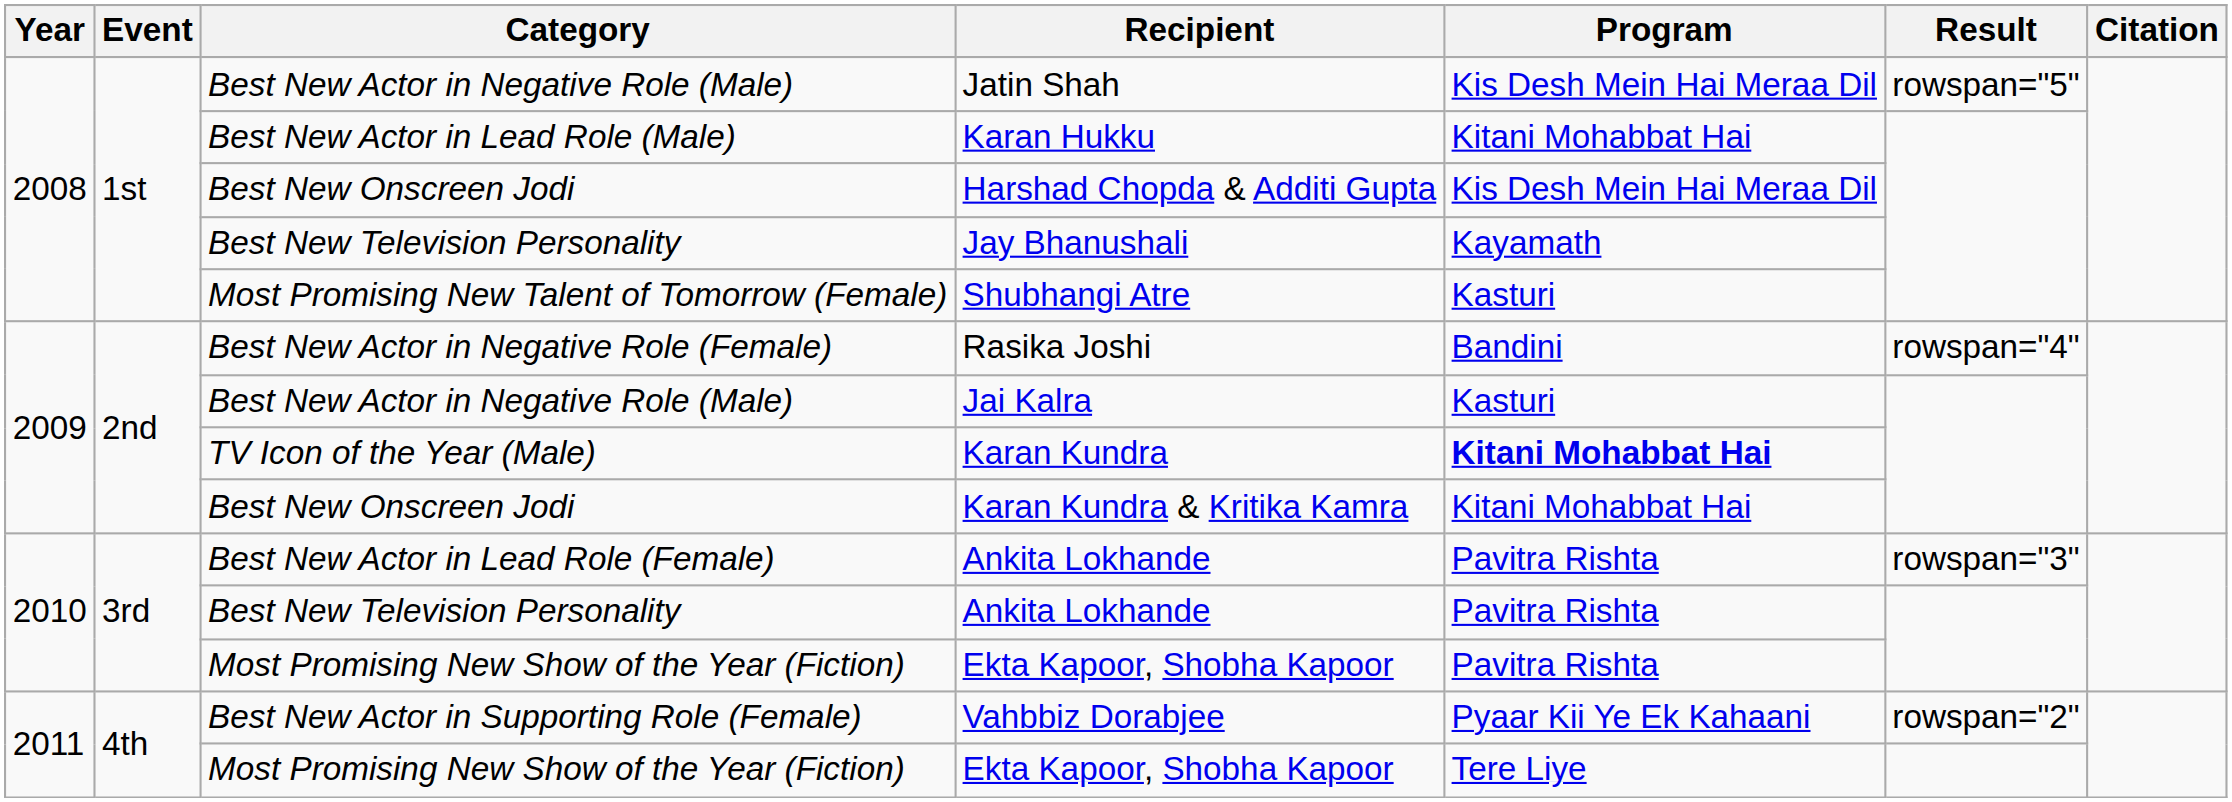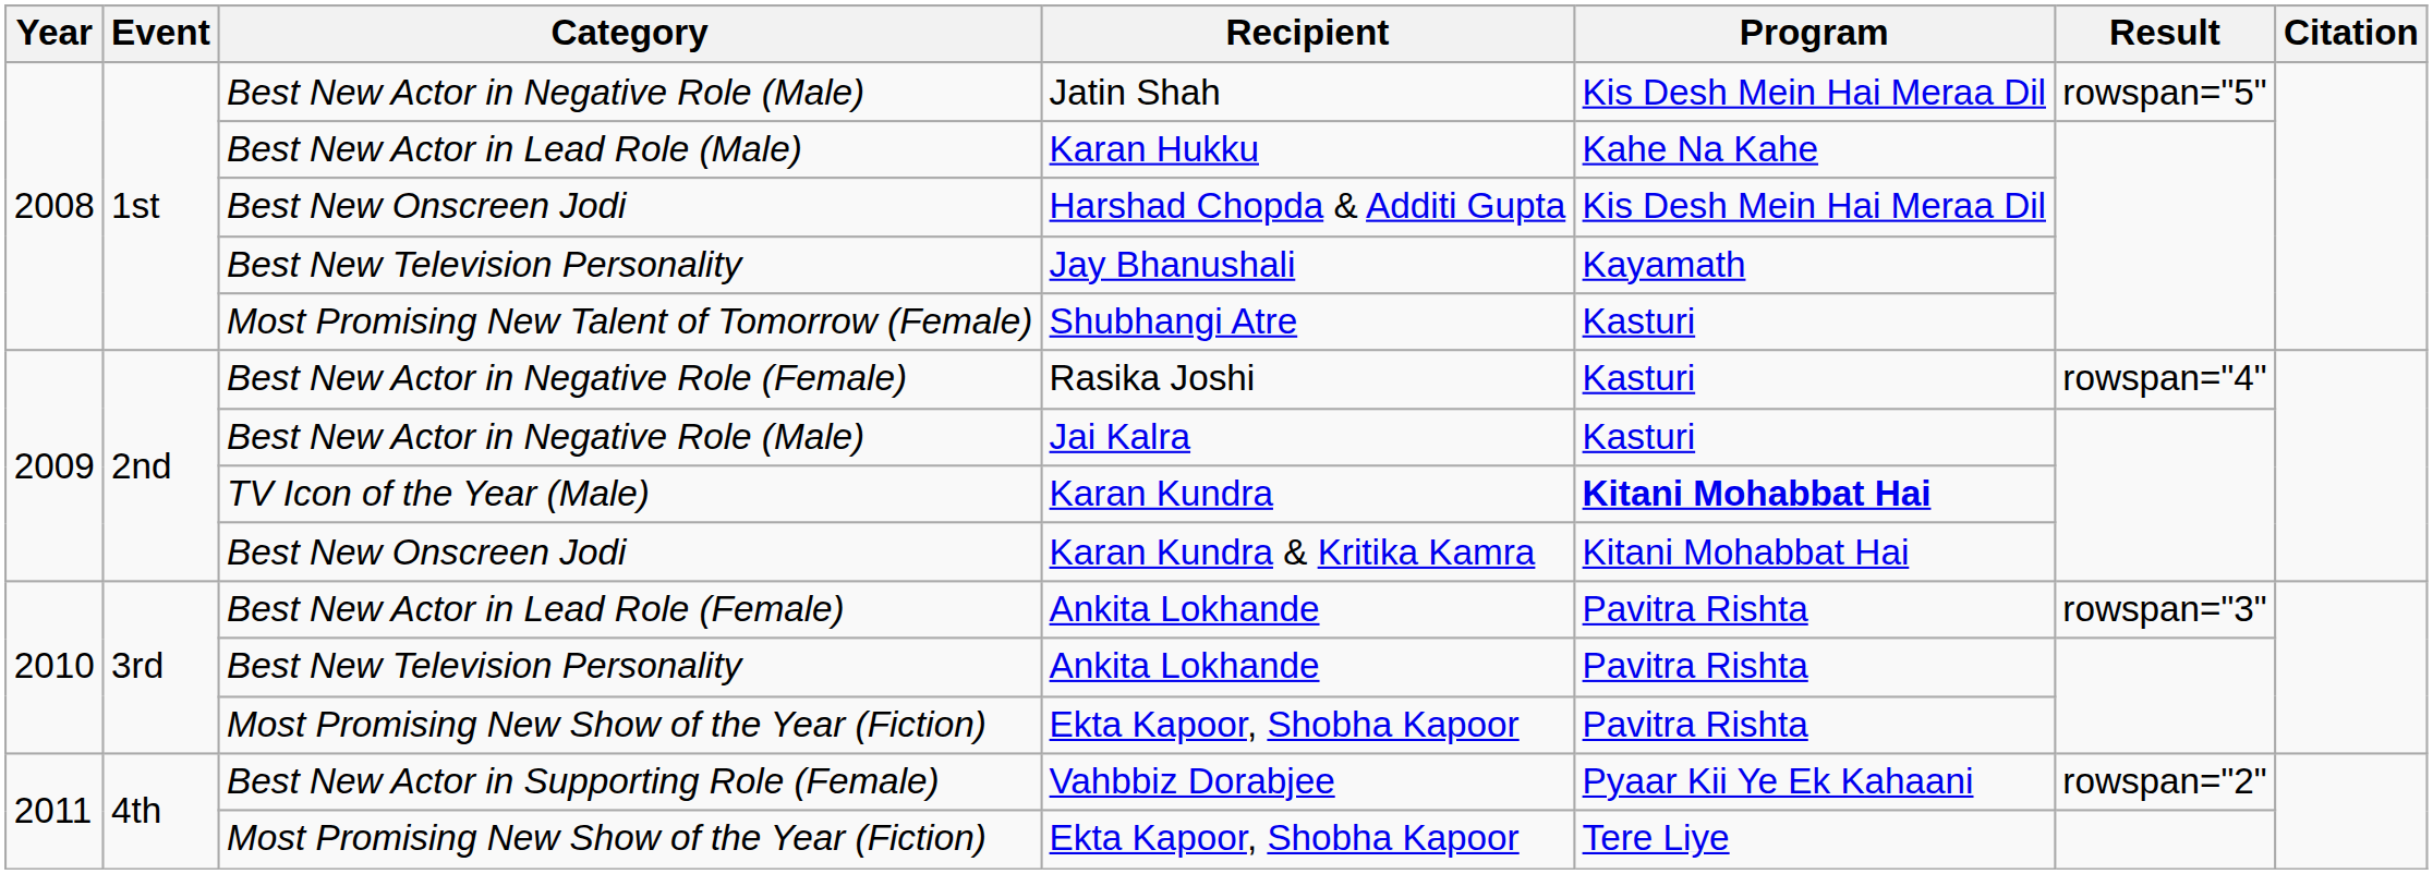 <table class="wikitable">
 <tr>
 <th>Year</th>
 <th>Event</th>
 <th>Category</th>
 <th>Recipient</th>
 <th>Program</th>
 <th>Result</th>
 <th>Citation</th>
 </tr>
 <tr>
 <td rowspan="5">2008</td>
 <td rowspan="5">1st</td>
 <td><em>Best New Actor in Negative Role (Male)</em></td>
 <td>Jatin Shah</td>
 <td><a href='#'>Kis Desh Mein Hai Meraa Dil</a></td>
 <td>rowspan="5" </td>
 <td rowspan="5"></td>
 </tr>
 <tr>
 <td><em>Best New Actor in Lead Role (Male)</em></td>
 <td><a href='#'>Karan Hukku</a></td>
-<td><a href='#'>Kitani Mohabbat Hai</a></td>
+<td><a href='#'>Kahe Na Kahe</a></td>
 </tr>
 <tr>
 <td><em>Best New Onscreen Jodi</em></td>
 <td><a href='#'>Harshad Chopda</a> & <a href='#'>Additi Gupta</a></td>
 <td><a href='#'>Kis Desh Mein Hai Meraa Dil</a></td>
 </tr>
 <tr>
 <td><em>Best New Television Personality</em></td>
 <td><a href='#'>Jay Bhanushali</a></td>
 <td><a href='#'>Kayamath</a></td>
 </tr>
 <tr>
 <td><em>Most Promising New Talent of Tomorrow (Female)</em></td>
 <td><a href='#'>Shubhangi Atre</a></td>
 <td><a href='#'>Kasturi</a></td>
 </tr>
 <tr>
 <td rowspan="4">2009</td>
 <td rowspan="4">2nd</td>
 <td><em>Best New Actor in Negative Role (Female)</em></td>
 <td>Rasika Joshi</td>
-<td><a href='#'>Bandini</a></td>
+<td><a href='#'>Kasturi</a></td>
 <td>rowspan="4" </td>
 <td rowspan="4"></td>
 </tr>
 <tr>
 <td><em>Best New Actor in Negative Role (Male)</em></td>
 <td><a href='#'>Jai Kalra</a></td>
 <td><a href='#'>Kasturi</a></td>
 </tr>
 <tr>
 <td><em>TV Icon of the Year (Male)</em></td>
 <td><a href='#'>Karan Kundra</a></td>
 <td><strong><a href='#'>Kitani Mohabbat Hai</a></strong></td>
 </tr>
 <tr>
 <td><em>Best New Onscreen Jodi</em></td>
 <td><a href='#'>Karan Kundra</a> & <a href='#'>Kritika Kamra</a></td>
 <td><a href='#'>Kitani Mohabbat Hai</a></td>
 </tr>
 <tr>
 <td rowspan="3">2010</td>
 <td rowspan="3">3rd</td>
 <td><em>Best New Actor in Lead Role (Female)</em></td>
 <td><a href='#'>Ankita Lokhande</a></td>
 <td><a href='#'>Pavitra Rishta</a></td>
 <td>rowspan="3" </td>
 <td rowspan="3"></td>
 </tr>
 <tr>
 <td><em>Best New Television Personality</em></td>
 <td><a href='#'>Ankita Lokhande</a></td>
 <td><a href='#'>Pavitra Rishta</a></td>
 </tr>
 <tr>
 <td><em>Most Promising New Show of the Year (Fiction)</em></td>
 <td><a href='#'>Ekta Kapoor</a>, <a href='#'>Shobha Kapoor</a></td>
 <td><a href='#'>Pavitra Rishta</a></td>
 </tr>
 <tr>
 <td rowspan="2">2011</td>
 <td rowspan="2">4th</td>
 <td><em>Best New Actor in Supporting Role (Female)</em></td>
 <td><a href='#'>Vahbbiz Dorabjee</a></td>
 <td><a href='#'>Pyaar Kii Ye Ek Kahaani</a></td>
 <td>rowspan="2" </td>
 <td rowspan="2"></td>
 </tr>
 <tr>
 <td><em>Most Promising New Show of the Year (Fiction)</em></td>
 <td><a href='#'>Ekta Kapoor</a>, <a href='#'>Shobha Kapoor</a></td>
 <td><a href='#'>Tere Liye</a></td>
 </tr>
 </table>
